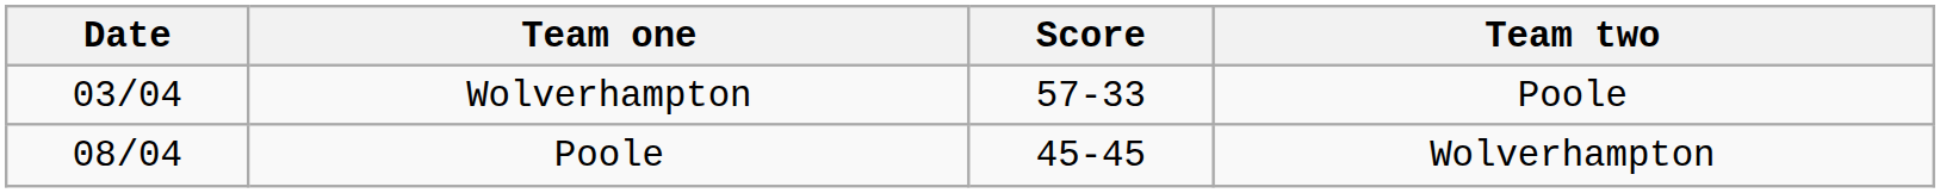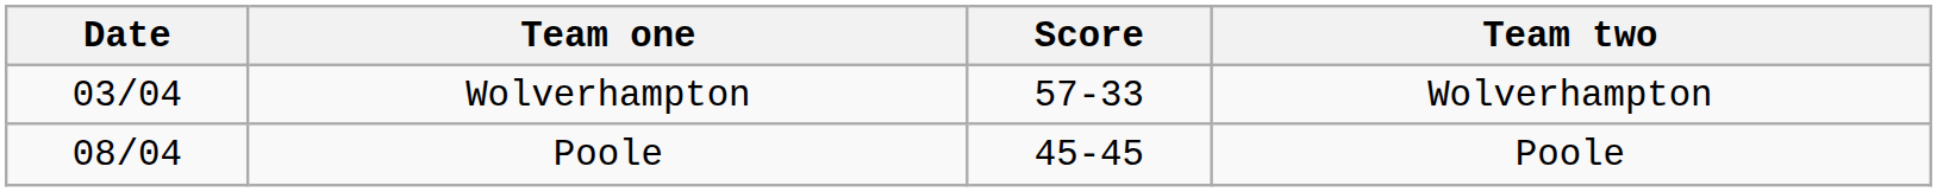 <table class="wikitable" style="text-align: center">
 <tr>
 <th width=80>Date</th>
 <th width=250>Team one</th>
 <th width=80>Score</th>
 <th width=250>Team two</th>
 </tr>
 <tr>
 <td>03/04</td>
 <td>Wolverhampton</td>
 <td>57-33</td>
-<td>Poole</td>
+<td>Wolverhampton</td>
 </tr>
 <tr>
 <td>08/04</td>
 <td>Poole</td>
 <td>45-45</td>
-<td>Wolverhampton</td>
+<td>Poole</td>
 </tr>
 </table>
